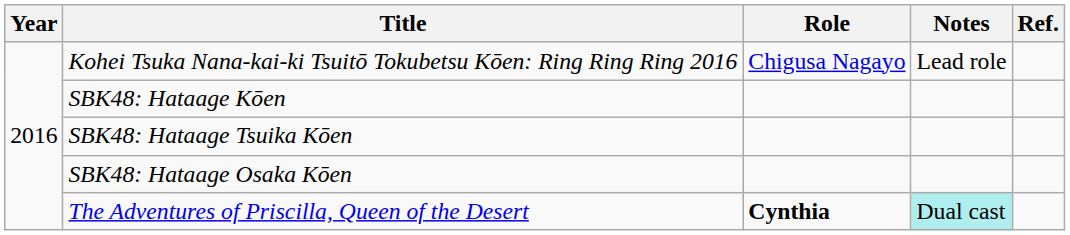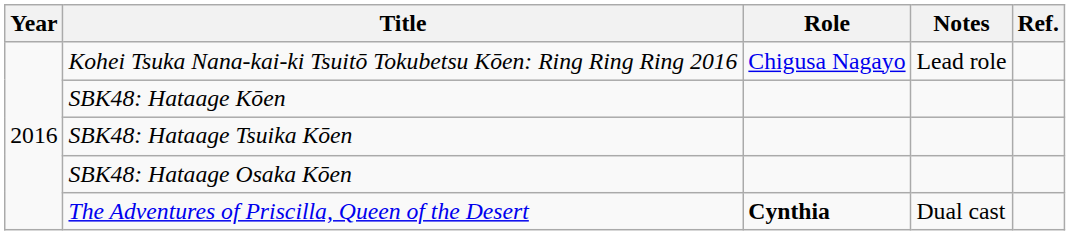 <table class="wikitable">
 <tr>
 <th>Year</th>
 <th>Title</th>
 <th>Role</th>
 <th>Notes</th>
 <th>Ref.</th>
 </tr>
 <tr>
 <td rowspan="5">2016</td>
 <td><em>Kohei Tsuka Nana-kai-ki Tsuitō Tokubetsu Kōen: Ring Ring Ring 2016</em></td>
 <td><a href='#'>Chigusa Nagayo</a></td>
 <td>Lead role</td>
 <td></td>
 </tr>
 <tr>
 <td><em>SBK48: Hataage Kōen</em></td>
 <td></td>
 <td></td>
 <td></td>
 </tr>
 <tr>
 <td><em>SBK48: Hataage Tsuika Kōen</em></td>
 <td></td>
 <td></td>
 <td></td>
 </tr>
 <tr>
 <td><em>SBK48: Hataage Osaka Kōen</em></td>
 <td></td>
 <td></td>
 <td></td>
 </tr>
 <tr>
 <td><em><a href='#'>The Adventures of Priscilla, Queen of the Desert</a></em></td>
 <td><strong>Cynthia</strong></td>
-<td style="background: paleturquoise;">Dual cast</td>
+<td>Dual cast</td>
 <td></td>
 </tr>
 </table>
